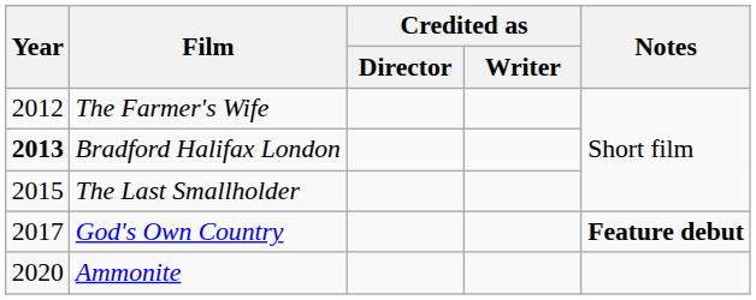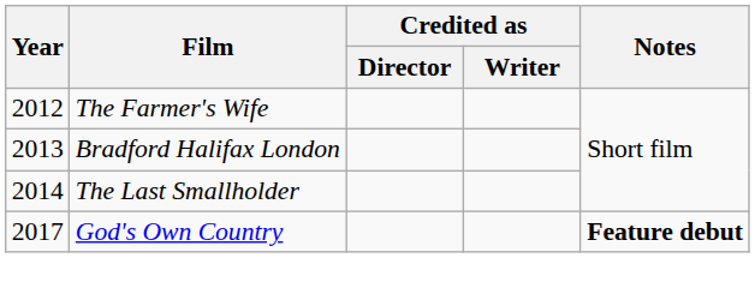 <table class="wikitable">
 <tr>
 <th rowspan="2">Year</th>
 <th rowspan="2">Film</th>
 <th colspan="2">Credited as</th>
 <th rowspan="2'">Notes</th>
 </tr>
 <tr>
 <th width=65>Director</th>
 <th width=65>Writer</th>
 </tr>
 <tr>
 <td>2012</td>
 <td><em>The Farmer's Wife</em></td>
 <td></td>
 <td></td>
 <td rowspan="3">Short film</td>
 </tr>
 <tr>
-<td><strong>2013</strong></td>
+<td>2013</td>
 <td><em>Bradford Halifax London</em></td>
 <td></td>
 <td></td>
 </tr>
 <tr>
-<td>2015</td>
+<td>2014</td>
 <td><em>The Last Smallholder</em></td>
 <td></td>
 <td></td>
 </tr>
 <tr>
 <td>2017</td>
 <td><em><a href='#'>God's Own Country</a></em></td>
 <td></td>
 <td></td>
 <td><strong>Feature debut</strong></td>
 </tr>
-<tr>
-<td>2020</td>
-<td><em><a href='#'>Ammonite</a></em></td>
-<td></td>
-<td></td>
-<td></td>
-</tr>
 </table>
